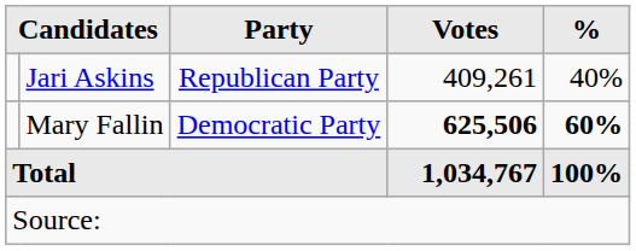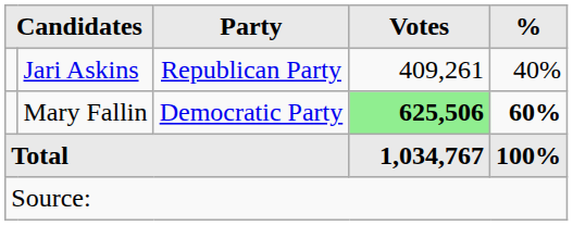 <table class=wikitable style="font-size:95%; text-align:right;">
 <tr>
 <th style="background:#e9e9e9; text-align:center;" colspan="2">Candidates</th>
 <th style="background:#e9e9e9; text-align:center;">Party</th>
 <th style="background:#e9e9e9; text-align:center;">Votes</th>
 <th style="background:#e9e9e9; text-align:center;">%</th>
 </tr>
 <tr>
 <td></td>
 <td align=left><a href='#'>Jari Askins</a></td>
 <td align=center><a href='#'>Republican Party</a></td>
 <td>409,261</td>
 <td>40%</td>
 </tr>
 <tr>
 <td></td>
 <td align=left>Mary Fallin</td>
 <td align=center><a href='#'>Democratic Party</a></td>
-<td><strong>625,506</strong></td>
+<td style="background: lightgreen;"><strong>625,506</strong></td>
 <td><strong>60%</strong></td>
 </tr>
 <tr style="background:#e9e9e9;">
 <td colspan="3" style="text-align:left; "><strong>Total</strong></td>
 <td style="text-align:right; width:75px; "><strong>1,034,767</strong></td>
 <td style="text-align:right; width:30px; "><strong>100%</strong></td>
 </tr>
 <tr>
 <td style="text-align:left;" colspan="6">Source:  </td>
 </tr>
 </table>
